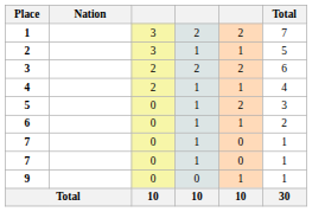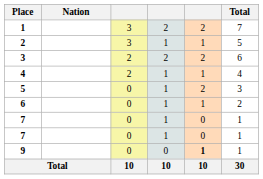 <table class="wikitable" style="border:1px solid #aaa; font-size:90%;">
 <tr style="background:#efefef;">
 <th width=50>Place</th>
 <th width=100>Nation</th>
 <th width=50></th>
 <th width=50></th>
 <th width=50></th>
 <th width=50>Total</th>
 </tr>
 <tr style="vertical-align:top; text-align:center; background:#fff;">
 <td><strong>1</strong></td>
 <td style="text-align:left;"></td>
 <td style="background:#F7F6A8;">3</td>
 <td style="background:#DCE5E5;">2</td>
 <td style="background:#FFDAB9;">2</td>
 <td>7</td>
 </tr>
 <tr style="vertical-align:top; text-align:center; background:#fff;">
 <td><strong>2</strong></td>
 <td style="text-align:left;"></td>
 <td style="background:#F7F6A8;">3</td>
 <td style="background:#DCE5E5;">1</td>
 <td style="background:#FFDAB9;">1</td>
 <td>5</td>
 </tr>
 <tr style="vertical-align:top; text-align:center; background:#fff;">
 <td><strong>3</strong></td>
 <td style="text-align:left;"></td>
 <td style="background:#F7F6A8;">2</td>
 <td style="background:#DCE5E5;">2</td>
 <td style="background:#FFDAB9;">2</td>
 <td>6</td>
 </tr>
 <tr style="vertical-align:top; text-align:center; background:#fff;">
 <td><strong>4</strong></td>
 <td style="text-align:left;"></td>
 <td style="background:#F7F6A8;">2</td>
 <td style="background:#DCE5E5;">1</td>
 <td style="background:#FFDAB9;">1</td>
 <td>4</td>
 </tr>
 <tr style="vertical-align:top; text-align:center; background:#fff;">
 <td><strong>5</strong></td>
 <td style="text-align:left;"></td>
 <td style="background:#F7F6A8;">0</td>
 <td style="background:#DCE5E5;">1</td>
 <td style="background:#FFDAB9;">2</td>
 <td>3</td>
 </tr>
 <tr style="vertical-align:top; text-align:center; background:#fff;">
 <td><strong>6</strong></td>
 <td style="text-align:left;"></td>
 <td style="background:#F7F6A8;">0</td>
 <td style="background:#DCE5E5;">1</td>
 <td style="background:#FFDAB9;">1</td>
 <td>2</td>
 </tr>
 <tr style="vertical-align:top; text-align:center; background:#fff;">
 <td><strong>7</strong></td>
 <td style="text-align:left;"></td>
 <td style="background:#F7F6A8;">0</td>
 <td style="background:#DCE5E5;">1</td>
 <td style="background:#FFDAB9;">0</td>
 <td>1</td>
 </tr>
 <tr style="vertical-align:top; text-align:center; background:#fff;">
 <td><strong>7</strong></td>
 <td style="text-align:left;"></td>
 <td style="background:#F7F6A8;">0</td>
 <td style="background:#DCE5E5;">1</td>
 <td style="background:#FFDAB9;">0</td>
 <td>1</td>
 </tr>
 <tr style="vertical-align:top; text-align:center; background:#fff;">
 <td><strong>9</strong></td>
 <td style="text-align:left;"></td>
 <td style="background:#F7F6A8;">0</td>
 <td style="background:#DCE5E5;">0</td>
-<td style="background:#FFDAB9;">1</td>
+<td style="background:#FFDAB9;"><strong>1</strong></td>
 <td>1</td>
 </tr>
 <tr>
 <th colspan=2>Total</th>
 <th>10</th>
 <th>10</th>
 <th>10</th>
 <th>30</th>
 </tr>
 </table>
